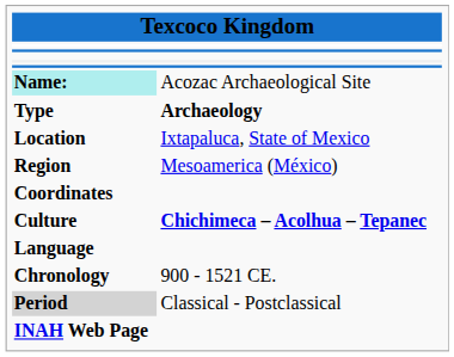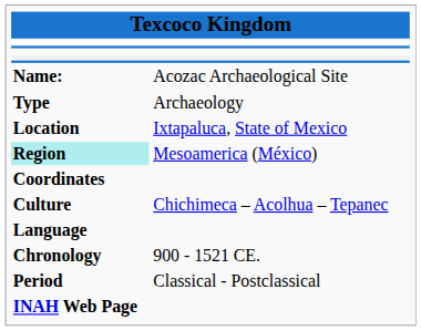 <table class="infobox" style="font-size:90%; text-align:left; width:23.5em">
 <tr>
 <td colspan="3" bgcolor=#1874CD style="text-align: center; font-size: larger;"><span><strong>Texcoco Kingdom</strong></span></td>
 </tr>
 <tr style="vertical-align: top; text-align: center;">
 <td colspan=3 bgcolor="#FFFFFF" align="center"></td>
 </tr>
 <tr>
 <td colspan="2" bgcolor=#1874CD></td>
 </tr>
 <tr>
 <td colspan=2></td>
 </tr>
 <tr>
 <td style="background:#efefef;"align="center" colspan="2"></td>
 </tr>
 <tr>
 <td colspan="2" bgcolor=#1874CD></td>
 </tr>
 <tr>
-<td style="background: paleturquoise;"><strong>Name:</strong></td>
+<td><strong>Name:</strong></td>
 <td><span> Acozac Archaeological Site</span></td>
 </tr>
 <tr>
 <td><strong>Type</strong></td>
-<td><strong>Archaeology</strong></td>
+<td>Archaeology</td>
 </tr>
 <tr>
 <td><strong>Location</strong></td>
 <td><a href='#'>Ixtapaluca</a>, <a href='#'>State of Mexico</a><br></td>
 </tr>
 <tr>
-<td><strong>Region</strong></td>
+<td style="background: paleturquoise;"><strong>Region</strong></td>
 <td><a href='#'>Mesoamerica</a> (<a href='#'>México</a>)</td>
 </tr>
 <tr>
 <td><strong>Coordinates</strong></td>
 <td></td>
 </tr>
 <tr>
 <td><strong>Culture</strong></td>
-<td><strong><a href='#'>Chichimeca</a> – <a href='#'>Acolhua</a> – <a href='#'>Tepanec</a></strong></td>
+<td><a href='#'>Chichimeca</a> – <a href='#'>Acolhua</a> – <a href='#'>Tepanec</a></td>
 </tr>
 <tr>
 <td><strong>Language</strong></td>
 <td></td>
 </tr>
 <tr>
 <td><strong>Chronology</strong></td>
 <td>900 - 1521 CE.</td>
 </tr>
 <tr>
-<td style="background: lightgrey;"><strong>Period</strong></td>
+<td><strong>Period</strong></td>
 <td>Classical - Postclassical</td>
 </tr>
 <tr>
 <td><strong> <a href='#'>INAH</a> Web Page </strong></td>
 <td></td>
 </tr>
 </table>
